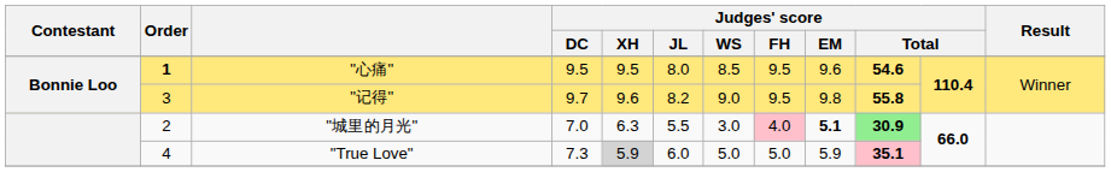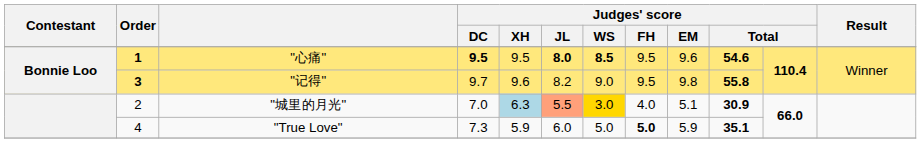 <table class="wikitable plainrowheaders" style="text-align:center;">
 <tr>
 <th rowspan=2 scope="col" style="width:8em;">Contestant</th>
 <th rowspan=2 scope="col">Order</th>
 <th rowspan=2 scope="col" style="width:22em;"></th>
 <th colspan=8 scope="col">Judges' score</th>
 <th rowspan=2 scope="col" style="width:7em;">Result</th>
 </tr>
 <tr>
 <th style="width:2.7em;">DC</th>
 <th style="width:2.7em;">XH</th>
 <th style="width:2.7em;">JL</th>
 <th style="width:2.7em;">WS</th>
 <th style="width:2.7em;">FH</th>
 <th style="width:2.7em;">EM</th>
 <th colspan=2>Total</th>
 </tr>
 <tr>
 </tr>
 <tr style="background:#ffe87c;">
 <th rowspan=2 scope="row">Bonnie Loo</th>
 <td><strong>1</strong></td>
 <td>"心痛"</td>
+<td><strong>9.5</strong></td>
 <td>9.5</td>
-<td>9.5</td>
-<td>8.0</td>
-<td>8.5</td>
+<td><strong>8.0</strong></td>
+<td><strong>8.5</strong></td>
 <td>9.5</td>
 <td>9.6</td>
 <td style="width:3.6em;"><strong>54.6</strong></td>
 <td rowspan=2 style="width:3.6em;"><strong>110.4</strong></td>
 <td rowspan=2>Winner</td>
 </tr>
 <tr style="background:#ffe87c;">
-<td>3</td>
+<td><strong>3</strong></td>
 <td>"记得"</td>
 <td>9.7</td>
 <td>9.6</td>
 <td>8.2</td>
 <td>9.0</td>
 <td>9.5</td>
 <td>9.8</td>
 <td><strong>55.8</strong></td>
 </tr>
 <tr>
 <th rowspan=2 scope="row"></th>
 <td>2</td>
 <td>"城里的月光"</td>
 <td>7.0</td>
-<td>6.3</td>
-<td>5.5</td>
-<td>3.0</td>
-<td style="background: pink;">4.0</td>
-<td><strong>5.1</strong></td>
-<td style="background: lightgreen;"><strong>30.9</strong></td>
+<td style="background: lightblue;">6.3</td>
+<td style="background: lightsalmon;">5.5</td>
+<td style="background: gold;">3.0</td>
+<td>4.0</td>
+<td>5.1</td>
+<td><strong>30.9</strong></td>
 <td rowspan=2><strong>66.0</strong></td>
 <td rowspan=2></td>
 </tr>
 <tr>
 <td>4</td>
 <td>"True Love"</td>
 <td>7.3</td>
-<td style="background: lightgrey;">5.9</td>
+<td>5.9</td>
 <td>6.0</td>
 <td>5.0</td>
-<td>5.0</td>
+<td><strong>5.0</strong></td>
 <td>5.9</td>
-<td style="background: pink;"><strong>35.1</strong></td>
+<td><strong>35.1</strong></td>
 </tr>
 <tr>
 </tr>
 </table>
